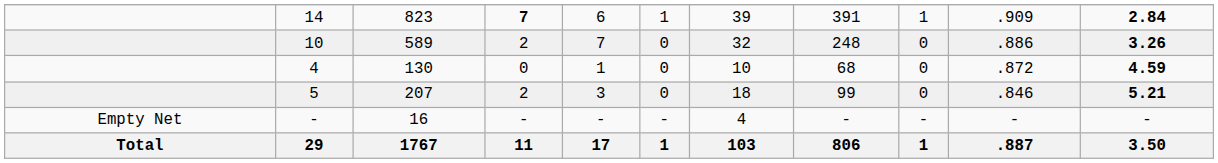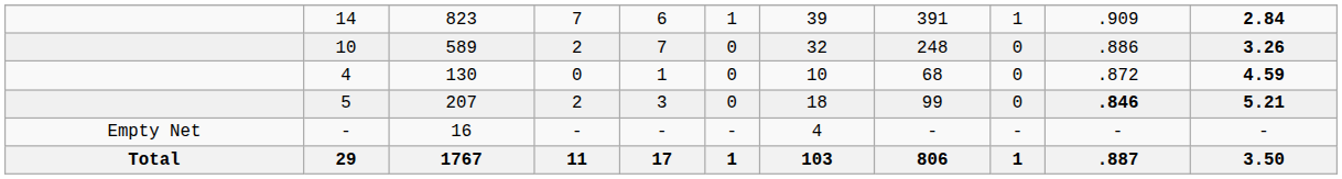 <table class="wikitable sortable" width ="1000">
 <tr align="center">
 </tr>
 <tr align="center" bgcolor="">
 <td></td>
 <td>14</td>
 <td>823</td>
-<td><strong>7</strong></td>
+<td>7</td>
 <td>6</td>
 <td>1</td>
 <td>39</td>
 <td>391</td>
 <td>1</td>
 <td>.909</td>
 <td><strong>2.84</strong></td>
 </tr>
 <tr align="center" bgcolor="f0f0f0">
 <td></td>
 <td>10</td>
 <td>589</td>
 <td>2</td>
 <td>7</td>
 <td>0</td>
 <td>32</td>
 <td>248</td>
 <td>0</td>
 <td>.886</td>
 <td><strong>3.26</strong></td>
 </tr>
 <tr align="center" bgcolor="">
 <td></td>
 <td>4</td>
 <td>130</td>
 <td>0</td>
 <td>1</td>
 <td>0</td>
 <td>10</td>
 <td>68</td>
 <td>0</td>
 <td>.872</td>
 <td><strong>4.59</strong></td>
 </tr>
 <tr align="center" bgcolor="f0f0f0">
 <td></td>
 <td>5</td>
 <td>207</td>
 <td>2</td>
 <td>3</td>
 <td>0</td>
 <td>18</td>
 <td>99</td>
 <td>0</td>
-<td>.846</td>
+<td><strong>.846</strong></td>
 <td><strong>5.21</strong></td>
 </tr>
 <tr align="center" bgcolor="">
 <td>Empty Net</td>
 <td>-</td>
 <td>16</td>
 <td>-</td>
 <td>-</td>
 <td>-</td>
 <td>4</td>
 <td>-</td>
 <td>-</td>
 <td>-</td>
 <td>-</td>
 </tr>
 <tr>
 <th>Total</th>
 <th>29</th>
 <th>1767</th>
 <th>11</th>
 <th>17</th>
 <th>1</th>
 <th>103</th>
 <th>806</th>
 <th>1</th>
 <th>.887</th>
 <th>3.50</th>
 </tr>
 </table>
